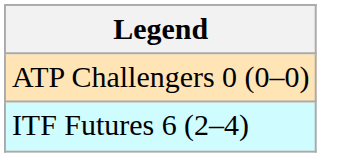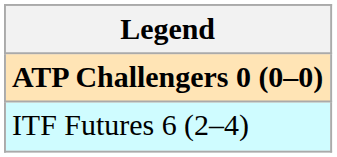 <table class=wikitable style=font-size:97%>
 <tr>
 <th>Legend</th>
 </tr>
 <tr style="background:moccasin;">
-<td>ATP Challengers 0 (0–0)</td>
+<td><strong>ATP Challengers 0 (0–0)</strong></td>
 </tr>
 <tr style="background:#cffcff;">
 <td>ITF Futures 6 (2–4)</td>
 </tr>
 </table>
